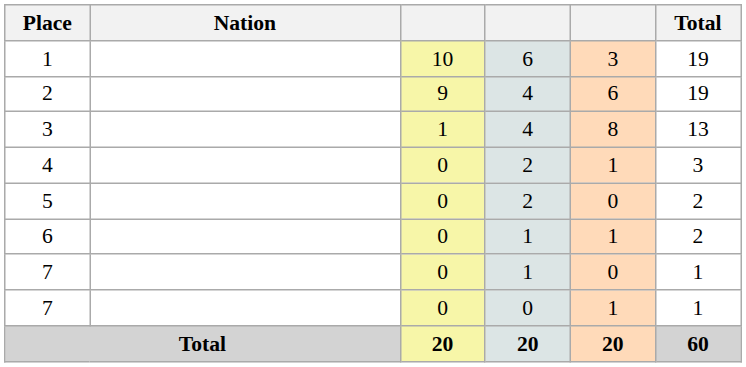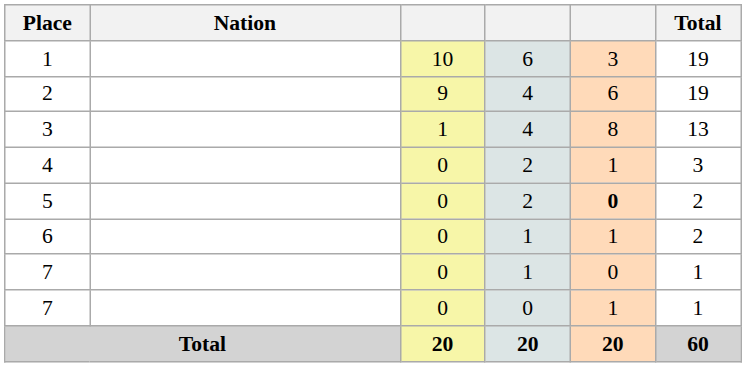 <table class=wikitable style="border:1px solid #AAAAAA;font-size:90%">
 <tr bgcolor="#EFEFEF">
 <th width=50>Place</th>
 <th width=200>Nation</th>
 <th width=50></th>
 <th width=50></th>
 <th width=50></th>
 <th width=50>Total</th>
 </tr>
 <tr align="center" valign="top" bgcolor="#FFFFFF">
 <td>1</td>
 <td align="left"></td>
 <td style="background:#F7F6A8;">10</td>
 <td style="background:#DCE5E5;">6</td>
 <td style="background:#FFDAB9;">3</td>
 <td>19</td>
 </tr>
 <tr align="center" valign="top" bgcolor="#FFFFFF">
 <td>2</td>
 <td align="left"></td>
 <td style="background:#F7F6A8;">9</td>
 <td style="background:#DCE5E5;">4</td>
 <td style="background:#FFDAB9;">6</td>
 <td>19</td>
 </tr>
 <tr align="center" valign="top" bgcolor="#FFFFFF">
 <td>3</td>
 <td align="left"></td>
 <td style="background:#F7F6A8;">1</td>
 <td style="background:#DCE5E5;">4</td>
 <td style="background:#FFDAB9;">8</td>
 <td>13</td>
 </tr>
 <tr align="center" valign="top" bgcolor="#FFFFFF">
 <td>4</td>
 <td align="left"></td>
 <td style="background:#F7F6A8;">0</td>
 <td style="background:#DCE5E5;">2</td>
 <td style="background:#FFDAB9;">1</td>
 <td>3</td>
 </tr>
 <tr align="center" valign="top" bgcolor="#FFFFFF">
 <td>5</td>
 <td align="left"></td>
 <td style="background:#F7F6A8;">0</td>
 <td style="background:#DCE5E5;">2</td>
-<td style="background:#FFDAB9;">0</td>
+<td style="background:#FFDAB9;"><strong>0</strong></td>
 <td>2</td>
 </tr>
 <tr align="center" valign="top" bgcolor="#FFFFFF">
 <td>6</td>
 <td align="left"></td>
 <td style="background:#F7F6A8;">0</td>
 <td style="background:#DCE5E5;">1</td>
 <td style="background:#FFDAB9;">1</td>
 <td>2</td>
 </tr>
 <tr align="center" valign="top" bgcolor="#FFFFFF">
 <td>7</td>
 <td align="left"></td>
 <td style="background:#F7F6A8;">0</td>
 <td style="background:#DCE5E5;">1</td>
 <td style="background:#FFDAB9;">0</td>
 <td>1</td>
 </tr>
 <tr align="center" valign="top" bgcolor="#FFFFFF">
 <td>7</td>
 <td align="left"></td>
 <td style="background:#F7F6A8;">0</td>
 <td style="background:#DCE5E5;">0</td>
 <td style="background:#FFDAB9;">1</td>
 <td>1</td>
 </tr>
 <tr align="center">
 <td colspan="2" bgcolor=D3D3D3><strong>Total</strong></td>
 <td style="background:#F7F6A8;"><strong>20</strong></td>
 <td style="background:#DCE5E5;"><strong>20</strong></td>
 <td style="background:#FFDAB9;"><strong>20</strong></td>
 <td bgcolor=D3D3D3><strong>60</strong></td>
 </tr>
 </table>
